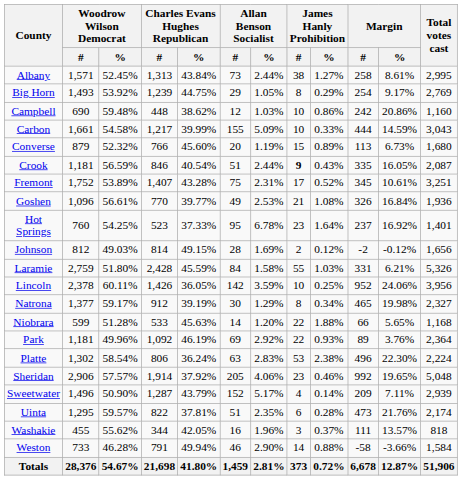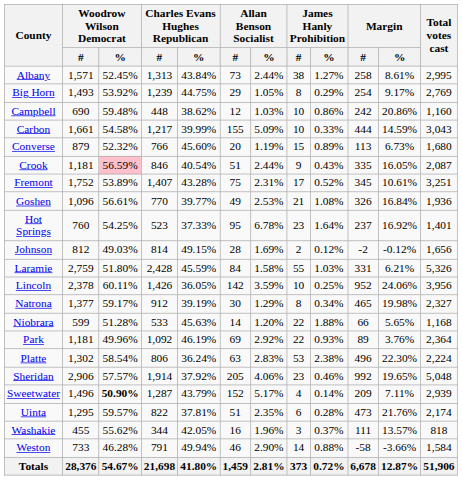 <table width="65%" class="wikitable sortable">
 <tr>
 <th style="text-align:center;" rowspan="2">County</th>
 <th style="text-align:center;" colspan="2">Woodrow Wilson<br>Democrat</th>
 <th style="text-align:center;" colspan="2">Charles Evans Hughes<br>Republican</th>
 <th style="text-align:center;" colspan="2">Allan Benson<br>Socialist</th>
 <th style="text-align:center;" colspan="2">James Hanly<br>Prohibition</th>
 <th style="text-align:center;" colspan="2">Margin</th>
 <th style="text-align:center;" rowspan="2">Total votes cast</th>
 </tr>
 <tr bgcolor="lightgrey">
 <th style="text-align:center;" data-sort-type="number">#</th>
 <th style="text-align:center;" data-sort-type="number">%</th>
 <th style="text-align:center;" data-sort-type="number">#</th>
 <th style="text-align:center;" data-sort-type="number">%</th>
 <th style="text-align:center;" data-sort-type="number">#</th>
 <th style="text-align:center;" data-sort-type="number">%</th>
 <th style="text-align:center;" data-sort-type="number">#</th>
 <th style="text-align:center;" data-sort-type="number">%</th>
 <th style="text-align:center;" data-sort-type="number">#</th>
 <th style="text-align:center;" data-sort-type="number">%</th>
 </tr>
 <tr style="text-align:center;">
 <td><a href='#'>Albany</a></td>
 <td>1,571</td>
 <td>52.45%</td>
 <td>1,313</td>
 <td>43.84%</td>
 <td>73</td>
 <td>2.44%</td>
 <td>38</td>
 <td>1.27%</td>
 <td>258</td>
 <td>8.61%</td>
 <td>2,995</td>
 </tr>
 <tr style="text-align:center;">
 <td><a href='#'>Big Horn</a></td>
 <td>1,493</td>
 <td>53.92%</td>
 <td>1,239</td>
 <td>44.75%</td>
 <td>29</td>
 <td>1.05%</td>
 <td>8</td>
 <td>0.29%</td>
 <td>254</td>
 <td>9.17%</td>
 <td>2,769</td>
 </tr>
 <tr style="text-align:center;">
 <td><a href='#'>Campbell</a></td>
 <td>690</td>
 <td>59.48%</td>
 <td>448</td>
 <td>38.62%</td>
 <td>12</td>
 <td>1.03%</td>
 <td>10</td>
 <td>0.86%</td>
 <td>242</td>
 <td>20.86%</td>
 <td>1,160</td>
 </tr>
 <tr style="text-align:center;">
 <td><a href='#'>Carbon</a></td>
 <td>1,661</td>
 <td>54.58%</td>
 <td>1,217</td>
 <td>39.99%</td>
 <td>155</td>
 <td>5.09%</td>
 <td>10</td>
 <td>0.33%</td>
 <td>444</td>
 <td>14.59%</td>
 <td>3,043</td>
 </tr>
 <tr style="text-align:center;">
 <td><a href='#'>Converse</a></td>
 <td>879</td>
 <td>52.32%</td>
 <td>766</td>
 <td>45.60%</td>
 <td>20</td>
 <td>1.19%</td>
 <td>15</td>
 <td>0.89%</td>
 <td>113</td>
 <td>6.73%</td>
 <td>1,680</td>
 </tr>
 <tr style="text-align:center;">
 <td><a href='#'>Crook</a></td>
 <td>1,181</td>
-<td>56.59%</td>
+<td style="background: pink;">56.59%</td>
 <td>846</td>
 <td>40.54%</td>
 <td>51</td>
 <td>2.44%</td>
-<td><strong>9</strong></td>
+<td>9</td>
 <td>0.43%</td>
 <td>335</td>
 <td>16.05%</td>
 <td>2,087</td>
 </tr>
 <tr style="text-align:center;">
 <td><a href='#'>Fremont</a></td>
 <td>1,752</td>
 <td>53.89%</td>
 <td>1,407</td>
 <td>43.28%</td>
 <td>75</td>
 <td>2.31%</td>
 <td>17</td>
 <td>0.52%</td>
 <td>345</td>
 <td>10.61%</td>
 <td>3,251</td>
 </tr>
 <tr style="text-align:center;">
 <td><a href='#'>Goshen</a></td>
 <td>1,096</td>
 <td>56.61%</td>
 <td>770</td>
 <td>39.77%</td>
 <td>49</td>
 <td>2.53%</td>
 <td>21</td>
 <td>1.08%</td>
 <td>326</td>
 <td>16.84%</td>
 <td>1,936</td>
 </tr>
 <tr style="text-align:center;">
 <td><a href='#'>Hot Springs</a></td>
 <td>760</td>
 <td>54.25%</td>
 <td>523</td>
 <td>37.33%</td>
 <td>95</td>
 <td>6.78%</td>
 <td>23</td>
 <td>1.64%</td>
 <td>237</td>
 <td>16.92%</td>
 <td>1,401</td>
 </tr>
 <tr style="text-align:center;">
 <td><a href='#'>Johnson</a></td>
 <td>812</td>
 <td>49.03%</td>
 <td>814</td>
 <td>49.15%</td>
 <td>28</td>
 <td>1.69%</td>
 <td>2</td>
 <td>0.12%</td>
 <td>-2</td>
 <td>-0.12%</td>
 <td>1,656</td>
 </tr>
 <tr style="text-align:center;">
 <td><a href='#'>Laramie</a></td>
 <td>2,759</td>
 <td>51.80%</td>
 <td>2,428</td>
 <td>45.59%</td>
 <td>84</td>
 <td>1.58%</td>
 <td>55</td>
 <td>1.03%</td>
 <td>331</td>
 <td>6.21%</td>
 <td>5,326</td>
 </tr>
 <tr style="text-align:center;">
 <td><a href='#'>Lincoln</a></td>
 <td>2,378</td>
 <td>60.11%</td>
 <td>1,426</td>
 <td>36.05%</td>
 <td>142</td>
 <td>3.59%</td>
 <td>10</td>
 <td>0.25%</td>
 <td>952</td>
 <td>24.06%</td>
 <td>3,956</td>
 </tr>
 <tr style="text-align:center;">
 <td><a href='#'>Natrona</a></td>
 <td>1,377</td>
 <td>59.17%</td>
 <td>912</td>
 <td>39.19%</td>
 <td>30</td>
 <td>1.29%</td>
 <td>8</td>
 <td>0.34%</td>
 <td>465</td>
 <td>19.98%</td>
 <td>2,327</td>
 </tr>
 <tr style="text-align:center;">
 <td><a href='#'>Niobrara</a></td>
 <td>599</td>
 <td>51.28%</td>
 <td>533</td>
 <td>45.63%</td>
 <td>14</td>
 <td>1.20%</td>
 <td>22</td>
 <td>1.88%</td>
 <td>66</td>
 <td>5.65%</td>
 <td>1,168</td>
 </tr>
 <tr style="text-align:center;">
 <td><a href='#'>Park</a></td>
 <td>1,181</td>
 <td>49.96%</td>
 <td>1,092</td>
 <td>46.19%</td>
 <td>69</td>
 <td>2.92%</td>
 <td>22</td>
 <td>0.93%</td>
 <td>89</td>
 <td>3.76%</td>
 <td>2,364</td>
 </tr>
 <tr style="text-align:center;">
 <td><a href='#'>Platte</a></td>
 <td>1,302</td>
 <td>58.54%</td>
 <td>806</td>
 <td>36.24%</td>
 <td>63</td>
 <td>2.83%</td>
 <td>53</td>
 <td>2.38%</td>
 <td>496</td>
 <td>22.30%</td>
 <td>2,224</td>
 </tr>
 <tr style="text-align:center;">
 <td><a href='#'>Sheridan</a></td>
 <td>2,906</td>
 <td>57.57%</td>
 <td>1,914</td>
 <td>37.92%</td>
 <td>205</td>
 <td>4.06%</td>
 <td>23</td>
 <td>0.46%</td>
 <td>992</td>
 <td>19.65%</td>
 <td>5,048</td>
 </tr>
 <tr style="text-align:center;">
 <td><a href='#'>Sweetwater</a></td>
 <td>1,496</td>
-<td>50.90%</td>
+<td><strong>50.90%</strong></td>
 <td>1,287</td>
 <td>43.79%</td>
 <td>152</td>
 <td>5.17%</td>
 <td>4</td>
 <td>0.14%</td>
 <td>209</td>
 <td>7.11%</td>
 <td>2,939</td>
 </tr>
 <tr style="text-align:center;">
 <td><a href='#'>Uinta</a></td>
 <td>1,295</td>
 <td>59.57%</td>
 <td>822</td>
 <td>37.81%</td>
 <td>51</td>
 <td>2.35%</td>
 <td>6</td>
 <td>0.28%</td>
 <td>473</td>
 <td>21.76%</td>
 <td>2,174</td>
 </tr>
 <tr style="text-align:center;">
 <td><a href='#'>Washakie</a></td>
 <td>455</td>
 <td>55.62%</td>
 <td>344</td>
 <td>42.05%</td>
 <td>16</td>
 <td>1.96%</td>
 <td>3</td>
 <td>0.37%</td>
 <td>111</td>
 <td>13.57%</td>
 <td>818</td>
 </tr>
 <tr style="text-align:center;">
 <td><a href='#'>Weston</a></td>
 <td>733</td>
 <td>46.28%</td>
 <td>791</td>
 <td>49.94%</td>
 <td>46</td>
 <td>2.90%</td>
 <td>14</td>
 <td>0.88%</td>
 <td>-58</td>
 <td>-3.66%</td>
 <td>1,584</td>
 </tr>
 <tr style="text-align:center;">
 <th>Totals</th>
 <th>28,376</th>
 <th>54.67%</th>
 <th>21,698</th>
 <th>41.80%</th>
 <th>1,459</th>
 <th>2.81%</th>
 <th>373</th>
 <th>0.72%</th>
 <th>6,678</th>
 <th>12.87%</th>
 <th>51,906</th>
 </tr>
 </table>
